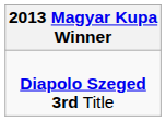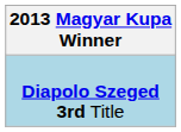 <table class=wikitable style="text-align:center; margin:auto">
 <tr>
 <th>2013 <a href='#'>Magyar Kupa</a><br>Winner</th>
 </tr>
 <tr>
-<td align=center><br><strong><a href='#'>Diapolo Szeged</a></strong><br><strong>3rd</strong> Title</td>
+<td align=center style="background: lightblue;"><br><strong><a href='#'>Diapolo Szeged</a></strong><br><strong>3rd</strong> Title</td>
 </tr>
 </table>
